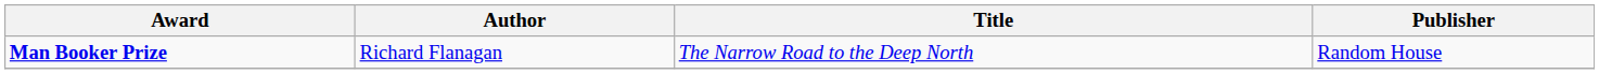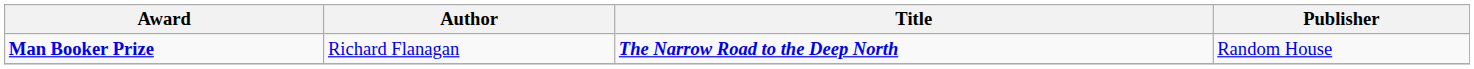 <table class="wikitable" width=100%>
 <tr>
 <th>Award</th>
 <th>Author</th>
 <th>Title</th>
 <th>Publisher</th>
 </tr>
 <tr>
 <td><strong><a href='#'>Man Booker Prize</a></strong></td>
 <td><a href='#'>Richard Flanagan</a></td>
-<td><em><a href='#'>The Narrow Road to the Deep North</a></em></td>
+<td><strong><em><a href='#'>The Narrow Road to the Deep North</a></em></strong></td>
 <td><a href='#'>Random House</a></td>
 </tr>
 <tr>
 </tr>
 </table>
